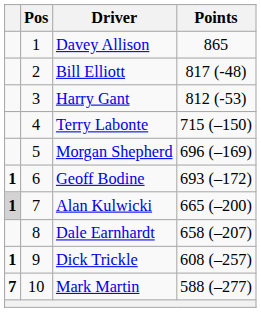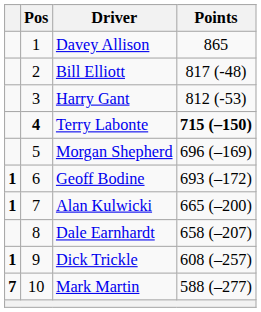 <table class="wikitable" style="font-size: 95%;">
 <tr>
 <th></th>
 <th>Pos</th>
 <th>Driver</th>
 <th>Points</th>
 </tr>
 <tr>
 <td align="left"></td>
 <td style="text-align:center;">1</td>
 <td><a href='#'>Davey Allison</a></td>
 <td style="text-align:center;">865</td>
 </tr>
 <tr>
 <td align="left"></td>
 <td style="text-align:center;">2</td>
 <td><a href='#'>Bill Elliott</a></td>
 <td style="text-align:center;">817 (-48)</td>
 </tr>
 <tr>
 <td align="left"></td>
 <td style="text-align:center;">3</td>
 <td><a href='#'>Harry Gant</a></td>
 <td style="text-align:center;">812 (-53)</td>
 </tr>
 <tr>
 <td align="left"></td>
-<td style="text-align:center;">4</td>
+<td style="text-align:center;"><strong>4</strong></td>
 <td><a href='#'>Terry Labonte</a></td>
-<td style="text-align:center;">715 (–150)</td>
+<td style="text-align:center;"><strong>715 (–150)</strong></td>
 </tr>
 <tr>
 <td align="left"></td>
 <td style="text-align:center;">5</td>
 <td><a href='#'>Morgan Shepherd</a></td>
 <td style="text-align:center;">696 (–169)</td>
 </tr>
 <tr>
 <td align="left"> <strong>1</strong></td>
 <td style="text-align:center;">6</td>
 <td><a href='#'>Geoff Bodine</a></td>
 <td style="text-align:center;">693 (–172)</td>
 </tr>
 <tr>
-<td align="left" style="background: lightgrey;"> <strong>1</strong></td>
+<td align="left"> <strong>1</strong></td>
 <td style="text-align:center;">7</td>
 <td><a href='#'>Alan Kulwicki</a></td>
 <td style="text-align:center;">665 (–200)</td>
 </tr>
 <tr>
 <td align="left"></td>
 <td style="text-align:center;">8</td>
 <td><a href='#'>Dale Earnhardt</a></td>
 <td style="text-align:center;">658 (–207)</td>
 </tr>
 <tr>
 <td align="left"> <strong>1</strong></td>
 <td style="text-align:center;">9</td>
 <td><a href='#'>Dick Trickle</a></td>
 <td style="text-align:center;">608 (–257)</td>
 </tr>
 <tr>
 <td align="left"> <strong>7</strong></td>
 <td style="text-align:center;">10</td>
 <td><a href='#'>Mark Martin</a></td>
 <td style="text-align:center;">588 (–277)</td>
 </tr>
 <tr class="sortbottom">
 <th colspan="9"></th>
 </tr>
 </table>
